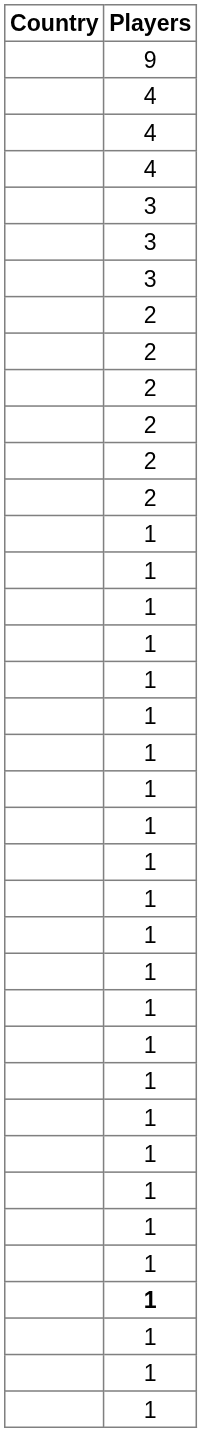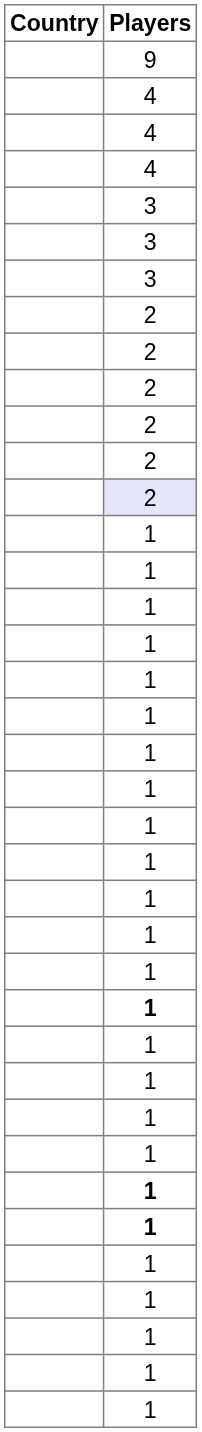 <table class="toccolours sortable" border="1" cellpadding="3" style="font-size:95%; border-collapse:collapse;">
 <tr>
 <th>Country</th>
 <th>Players</th>
 </tr>
 <tr>
 <td></td>
 <td style="text-align:center">9</td>
 </tr>
 <tr>
 <td></td>
 <td style="text-align:center">4</td>
 </tr>
 <tr>
 <td></td>
 <td style="text-align:center">4</td>
 </tr>
 <tr>
 <td></td>
 <td style="text-align:center">4</td>
 </tr>
 <tr>
 <td></td>
 <td style="text-align:center">3</td>
 </tr>
 <tr>
 <td></td>
 <td style="text-align:center">3</td>
 </tr>
 <tr>
 <td></td>
 <td style="text-align:center">3</td>
 </tr>
 <tr>
 <td></td>
 <td style="text-align:center">2</td>
 </tr>
 <tr>
 <td></td>
 <td style="text-align:center">2</td>
 </tr>
 <tr>
 <td></td>
 <td style="text-align:center">2</td>
 </tr>
 <tr>
 <td></td>
 <td style="text-align:center">2</td>
 </tr>
 <tr>
 <td></td>
 <td style="text-align:center">2</td>
 </tr>
 <tr>
 <td></td>
-<td style="text-align:center">2</td>
-</tr>
-<tr>
-<td></td>
-<td style="text-align:center">1</td>
-</tr>
-<tr>
-<td></td>
-<td style="text-align:center">1</td>
-</tr>
-<tr>
-<td></td>
-<td style="text-align:center">1</td>
-</tr>
-<tr>
-<td></td>
-<td style="text-align:center">1</td>
-</tr>
-<tr>
-<td></td>
-<td style="text-align:center">1</td>
-</tr>
-<tr>
-<td></td>
-<td style="text-align:center">1</td>
-</tr>
-<tr>
-<td></td>
-<td style="text-align:center">1</td>
-</tr>
-<tr>
-<td></td>
-<td style="text-align:center">1</td>
+<td style="background: lavender; text-align:center">2</td>
 </tr>
 <tr>
 <td></td>
 <td style="text-align:center">1</td>
 </tr>
 <tr>
 <td></td>
 <td style="text-align:center">1</td>
 </tr>
 <tr>
 <td></td>
 <td style="text-align:center">1</td>
 </tr>
 <tr>
 <td></td>
 <td style="text-align:center">1</td>
 </tr>
 <tr>
 <td></td>
 <td style="text-align:center">1</td>
 </tr>
 <tr>
 <td></td>
 <td style="text-align:center">1</td>
 </tr>
 <tr>
 <td></td>
 <td style="text-align:center">1</td>
 </tr>
 <tr>
 <td></td>
 <td style="text-align:center">1</td>
 </tr>
 <tr>
 <td></td>
 <td style="text-align:center">1</td>
 </tr>
 <tr>
 <td></td>
 <td style="text-align:center">1</td>
 </tr>
 <tr>
 <td></td>
 <td style="text-align:center">1</td>
 </tr>
 <tr>
 <td></td>
 <td style="text-align:center">1</td>
 </tr>
 <tr>
 <td></td>
 <td style="text-align:center">1</td>
 </tr>
 <tr>
 <td></td>
 <td style="text-align:center"><strong>1</strong></td>
 </tr>
 <tr>
 <td></td>
 <td style="text-align:center">1</td>
 </tr>
 <tr>
 <td></td>
 <td style="text-align:center">1</td>
 </tr>
 <tr>
 <td></td>
 <td style="text-align:center">1</td>
 </tr>
 <tr>
+<td></td>
+<td style="text-align:center">1</td>
+</tr>
+<tr>
+<td></td>
+<td style="text-align:center"><strong>1</strong></td>
+</tr>
+<tr>
+<td></td>
+<td style="text-align:center"><strong>1</strong></td>
+</tr>
+<tr>
+<td></td>
+<td style="text-align:center">1</td>
+</tr>
+<tr>
+<td></td>
+<td style="text-align:center">1</td>
+</tr>
+<tr>
+<td></td>
+<td style="text-align:center">1</td>
+</tr>
+<tr>
+<td></td>
+<td style="text-align:center">1</td>
+</tr>
+<tr>
+<td></td>
+<td style="text-align:center">1</td>
+</tr>
+<tr>
 </tr>
 </table>
